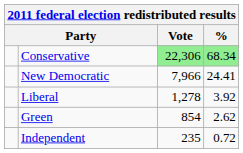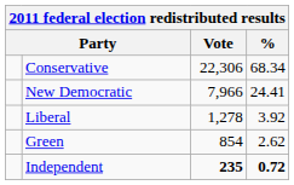 <table class="wikitable">
 <tr>
 <th colspan="4"><a href='#'>2011 federal election</a> redistributed results</th>
 </tr>
 <tr>
 <th bgcolor="#DDDDFF" width="130px" colspan="2">Party</th>
 <th bgcolor="#DDDDFF" width="50px">Vote</th>
 <th bgcolor="#DDDDFF" width="30px">%</th>
 </tr>
 <tr>
 <td> </td>
 <td><a href='#'>Conservative</a></td>
-<td align=right style="background: lightgreen;">22,306</td>
-<td align=right style="background: lightgreen;">68.34</td>
+<td align=right>22,306</td>
+<td align=right>68.34</td>
 </tr>
 <tr>
 <td> </td>
 <td><a href='#'>New Democratic</a></td>
 <td align=right>7,966</td>
 <td align=right>24.41</td>
 </tr>
 <tr>
 <td> </td>
 <td><a href='#'>Liberal</a></td>
 <td align=right>1,278</td>
 <td align=right>3.92</td>
 </tr>
 <tr>
 <td> </td>
 <td><a href='#'>Green</a></td>
 <td align=right>854</td>
 <td align=right>2.62</td>
 </tr>
 <tr>
 <td> </td>
 <td><a href='#'>Independent</a></td>
-<td align=right>235</td>
-<td align=right>0.72</td>
+<td align=right><strong>235</strong></td>
+<td align=right><strong>0.72</strong></td>
 </tr>
 </table>
